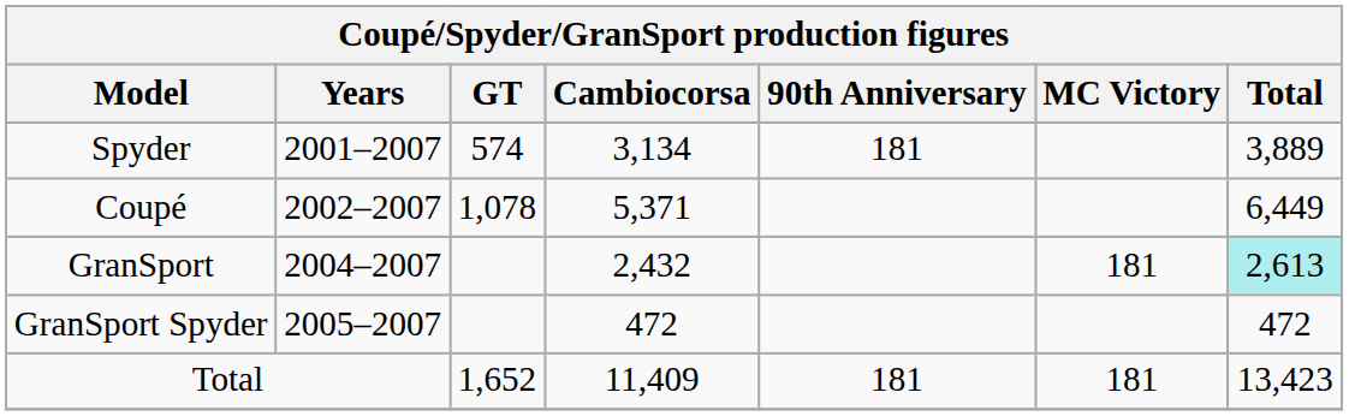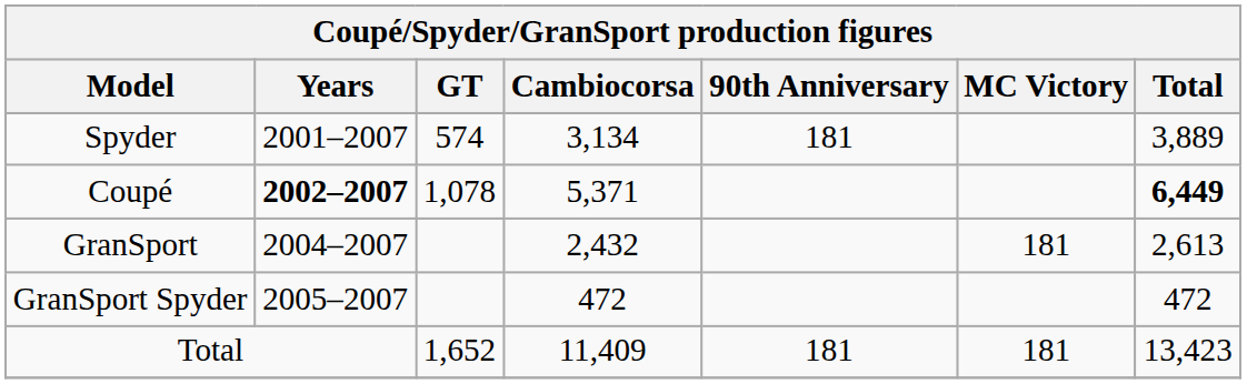 <table class="wikitable" style="text-align:center; font-size:90%;">
 <tr>
 <th colspan=15>Coupé/Spyder/GranSport production figures</th>
 </tr>
 <tr>
 <th>Model</th>
 <th>Years</th>
 <th>GT</th>
 <th>Cambiocorsa</th>
 <th>90th Anniversary</th>
 <th>MC Victory</th>
 <th>Total</th>
 </tr>
 <tr>
 <td>Spyder</td>
 <td>2001–2007</td>
 <td>574</td>
 <td>3,134</td>
 <td>181</td>
 <td></td>
 <td>3,889</td>
 </tr>
 <tr>
 <td>Coupé</td>
-<td>2002–2007</td>
+<td><strong>2002–2007</strong></td>
 <td>1,078</td>
 <td>5,371</td>
 <td></td>
 <td></td>
-<td>6,449</td>
+<td><strong>6,449</strong></td>
 </tr>
 <tr>
 <td>GranSport</td>
 <td>2004–2007</td>
 <td></td>
 <td>2,432</td>
 <td></td>
 <td>181</td>
-<td style="background: paleturquoise;">2,613</td>
+<td>2,613</td>
 </tr>
 <tr>
 <td>GranSport Spyder</td>
 <td>2005–2007</td>
 <td></td>
 <td>472</td>
 <td></td>
 <td></td>
 <td>472</td>
 </tr>
 <tr>
 <td colspan=2>Total</td>
 <td>1,652</td>
 <td>11,409</td>
 <td>181</td>
 <td>181</td>
 <td>13,423</td>
 </tr>
 <tr>
 </tr>
 </table>
